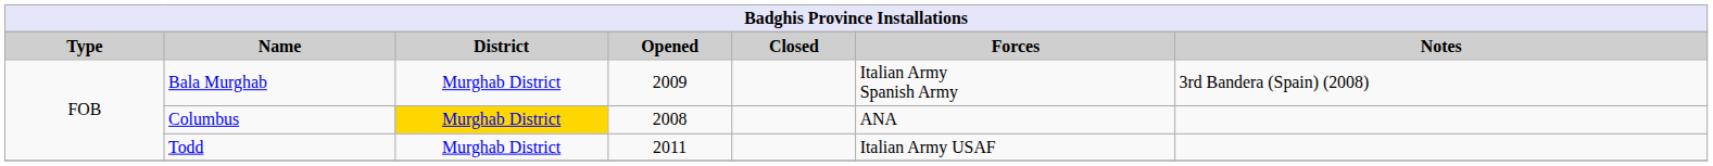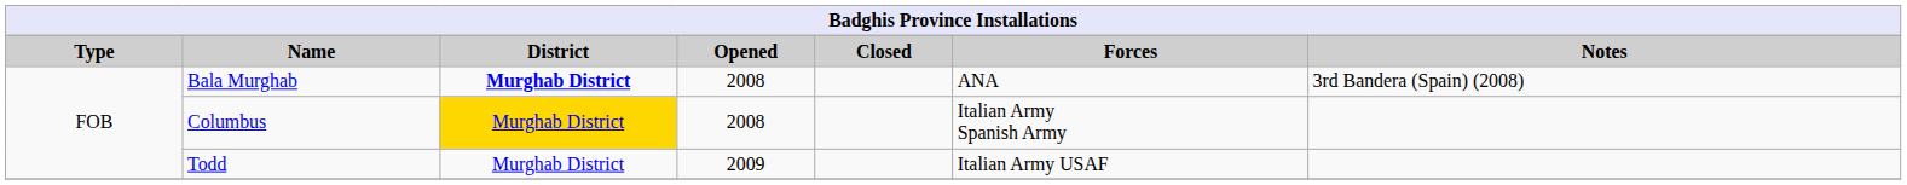 <table class="wikitable sortable" width="100%">
 <tr>
 <th style="align: center; background: lavender" colspan="7"><strong>Badghis Province Installations</strong></th>
 </tr>
 <tr style="background:#efefef; color:black">
 </tr>
 <tr>
 <th style="background-color:#cfcfcf;" align="center" width="9%" align="center">Type</th>
 <th style="background-color:#cfcfcf;" align="center" width="13%">Name</th>
 <th style="background-color:#cfcfcf;" align="center" width="12%">District</th>
 <th style="background-color:#cfcfcf;" align="center" width="7%">Opened</th>
 <th style="background-color:#cfcfcf;" align="center" width="7%">Closed</th>
 <th style="background-color:#cfcfcf;" align="center" width="18%" class="unsortable">Forces</th>
 <th style="background-color:#cfcfcf;" align="center" width="30%" class="unsortable">Notes</th>
 </tr>
 <tr>
 <td rowspan="3" align="center">FOB</td>
 <td><a href='#'>Bala Murghab</a></td>
-<td align="center"><a href='#'>Murghab District</a></td>
-<td align="center">2009</td>
+<td align="center"><strong><a href='#'>Murghab District</a></strong></td>
+<td align="center">2008</td>
 <td align="center"></td>
-<td> Italian Army<br> Spanish Army</td>
+<td> ANA</td>
 <td>3rd Bandera (Spain) (2008)</td>
 </tr>
 <tr>
 <td><a href='#'>Columbus</a></td>
 <td align="center" style="background: gold;"><a href='#'>Murghab District</a></td>
 <td align="center">2008</td>
 <td align="center"></td>
-<td> ANA</td>
+<td> Italian Army<br> Spanish Army</td>
 <td></td>
 </tr>
 <tr>
 <td><a href='#'>Todd</a></td>
 <td align="center"><a href='#'>Murghab District</a></td>
-<td align="center">2011</td>
+<td align="center">2009</td>
 <td align="center"></td>
 <td> Italian Army  USAF</td>
 <td></td>
 </tr>
 <tr>
 </tr>
 </table>
